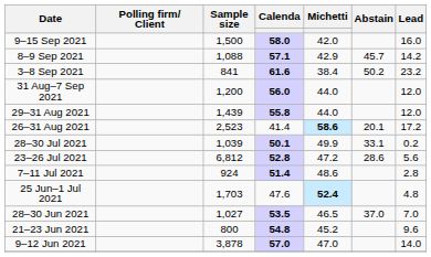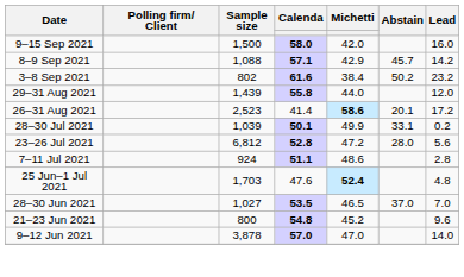 <table class=wikitable style="text-align:center;font-size:85%;line-height:13px">
 <tr style="height:30px; background-color:#E9E9E9">
 <th style="width:110px;" rowspan="2">Date</th>
 <th style="width:130px;" rowspan="2">Polling firm/<br>Client</th>
 <th style="width:60px;" rowspan="2">Sample size</th>
 <th style="width:55px;">Calenda</th>
 <th style="width:55px;">Michetti</th>
 <th style="width:30px;" rowspan="2">Abstain</th>
 <th style="width:30px;" rowspan="2">Lead</th>
 </tr>
 <tr>
 <th style="color:inherit;background:"></th>
 <th style="color:inherit;background:"></th>
 </tr>
 <tr>
 <td>9–15 Sep 2021</td>
 <td></td>
 <td>1,500</td>
 <td style="background:#D4D1FF"><strong>58.0</strong></td>
 <td>42.0</td>
 <td></td>
 <td style="background:">16.0</td>
 </tr>
 <tr>
 <td>8–9 Sep 2021</td>
 <td></td>
 <td>1,088</td>
 <td style="background:#D4D1FF"><strong>57.1</strong></td>
 <td>42.9</td>
 <td>45.7</td>
 <td style="background:">14.2</td>
 </tr>
 <tr>
 <td>3–8 Sep 2021</td>
 <td></td>
-<td>841</td>
+<td>802</td>
 <td style="background:#D4D1FF"><strong>61.6</strong></td>
 <td>38.4</td>
 <td>50.2</td>
 <td style="background:">23.2</td>
-</tr>
-<tr>
-<td>31 Aug–7 Sep 2021</td>
-<td></td>
-<td>1,200</td>
-<td style="background:#D4D1FF"><strong>56.0</strong></td>
-<td>44.0</td>
-<td></td>
-<td style="background:">12.0</td>
 </tr>
 <tr>
 <td>29–31 Aug 2021</td>
 <td></td>
 <td>1,439</td>
 <td style="background:#D4D1FF"><strong>55.8</strong></td>
 <td>44.0</td>
 <td></td>
 <td style="background:">12.0</td>
 </tr>
 <tr>
 <td>26–31 Aug 2021</td>
 <td></td>
 <td>2,523</td>
 <td>41.4</td>
 <td style="background:#C8EBFF"><strong>58.6</strong></td>
 <td>20.1</td>
 <td style="background:">17.2</td>
 </tr>
 <tr>
 <td>28–30 Jul 2021</td>
 <td></td>
 <td>1,039</td>
 <td style="background:#D4D1FF"><strong>50.1</strong></td>
 <td>49.9</td>
 <td>33.1</td>
 <td style="background:">0.2</td>
 </tr>
 <tr>
 <td>23–26 Jul 2021</td>
 <td></td>
 <td>6,812</td>
 <td style="background:#D4D1FF"><strong>52.8</strong></td>
 <td>47.2</td>
-<td>28.6</td>
+<td>28.0</td>
 <td style="background:">5.6</td>
 </tr>
 <tr>
 <td>7–11 Jul 2021</td>
 <td></td>
 <td>924</td>
-<td style="background:#D4D1FF"><strong>51.4</strong></td>
+<td style="background:#D4D1FF"><strong>51.1</strong></td>
 <td>48.6</td>
 <td></td>
 <td style="background:">2.8</td>
 </tr>
 <tr>
 <td>25 Jun–1 Jul 2021</td>
 <td></td>
 <td>1,703</td>
 <td>47.6</td>
 <td style="background:#C8EBFF"><strong>52.4</strong></td>
 <td></td>
 <td style="background:">4.8</td>
 </tr>
 <tr>
 <td>28–30 Jun 2021</td>
 <td></td>
 <td>1,027</td>
 <td style="background:#D4D1FF"><strong>53.5</strong></td>
 <td>46.5</td>
 <td>37.0</td>
 <td style="background:">7.0</td>
 </tr>
 <tr>
 <td>21–23 Jun 2021</td>
 <td></td>
 <td>800</td>
 <td style="background:#D4D1FF"><strong>54.8</strong></td>
 <td>45.2</td>
 <td></td>
 <td style="background:">9.6</td>
 </tr>
 <tr>
 <td>9–12 Jun 2021</td>
 <td></td>
 <td>3,878</td>
 <td style="background:#D4D1FF"><strong>57.0</strong></td>
 <td>47.0</td>
 <td></td>
 <td style="background:">14.0</td>
 </tr>
 <tr>
 </tr>
 </table>
